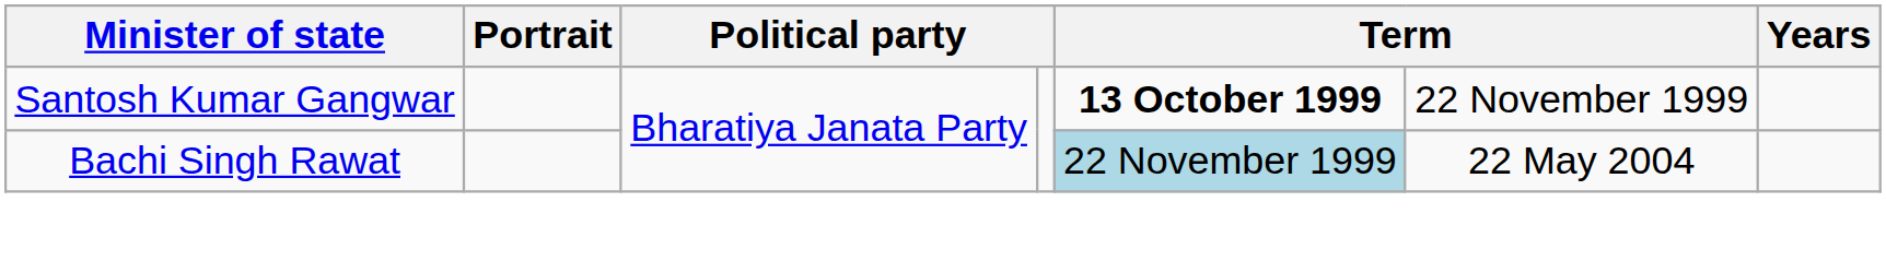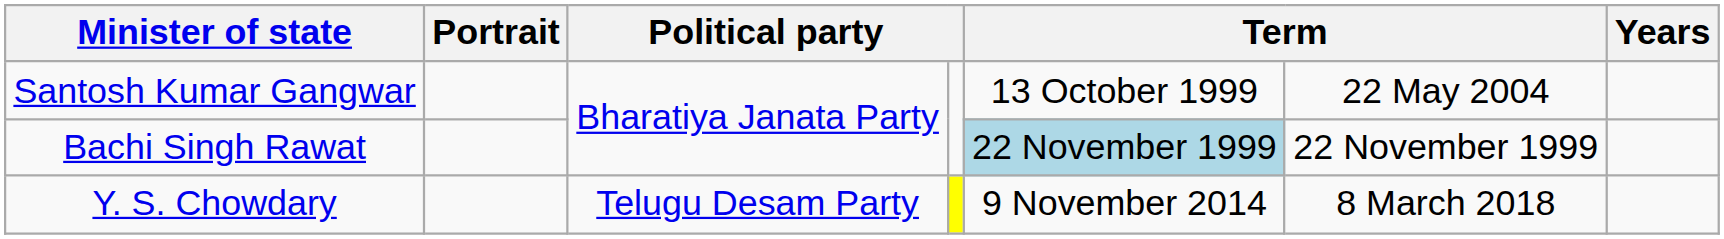 <table class="wikitable sortable mw-collapsible style=" ;"sortable mw-collapsible">
 <tr>
 <th><a href='#'>Minister of state</a></th>
 <th>Portrait</th>
 <th colspan="2">Political party</th>
 <th colspan="2">Term</th>
 <th>Years</th>
 </tr>
 <tr align=center>
 <td><a href='#'>Santosh Kumar Gangwar</a></td>
 <td></td>
 <td rowspan="2"><a href='#'>Bharatiya Janata Party</a></td>
 <td rowspan="2" ;></td>
-<td><strong>13 October 1999</strong></td>
-<td>22 November 1999</td>
+<td>13 October 1999</td>
+<td>22 May 2004</td>
 <td></td>
 </tr>
 <tr align=center>
 <td><a href='#'>Bachi Singh Rawat</a></td>
 <td></td>
 <td style="background: lightblue;">22 November 1999</td>
-<td>22 May 2004</td>
+<td>22 November 1999</td>
+<td></td>
+</tr>
+<tr align=center>
+<td><a href='#'>Y. S. Chowdary</a></td>
+<td></td>
+<td><a href='#'>Telugu Desam Party</a></td>
+<td bgcolor=#FFFF00></td>
+<td>9 November 2014</td>
+<td>8 March 2018</td>
 <td></td>
 </tr>
 </table>
